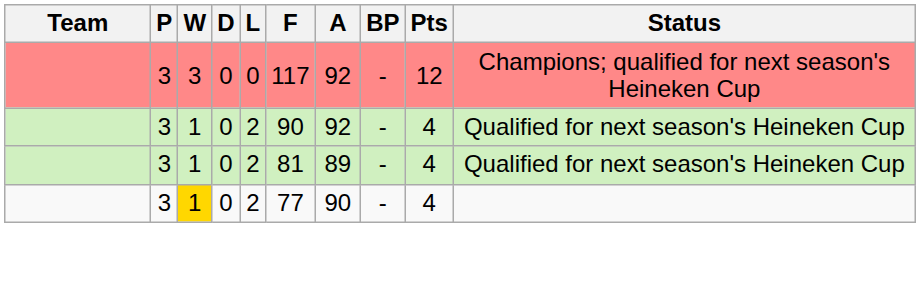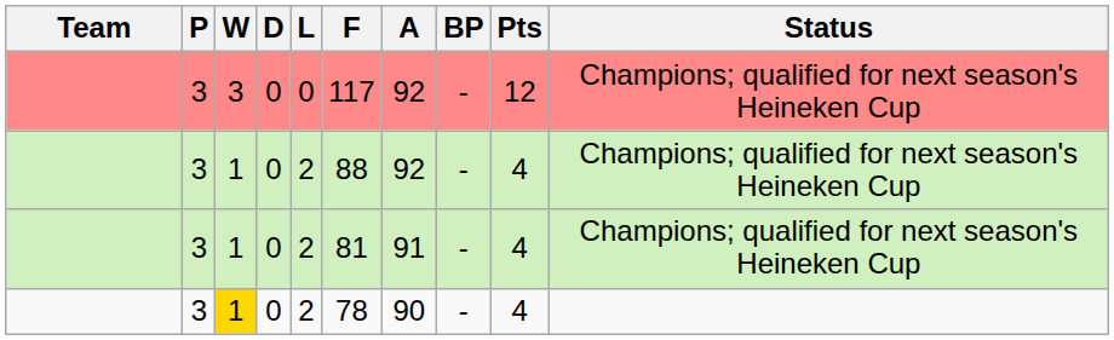 <table class="wikitable" style="text-align:center;">
 <tr>
 <th width="90px">Team</th>
 <th>P</th>
 <th>W</th>
 <th>D</th>
 <th>L</th>
 <th width="23px">F</th>
 <th width="23px">A</th>
 <th>BP</th>
 <th width="23px">Pts</th>
 <th>Status</th>
 </tr>
 <tr bgcolor="#FF8888">
 <td></td>
 <td>3</td>
 <td>3</td>
 <td>0</td>
 <td>0</td>
 <td>117</td>
 <td>92</td>
 <td>-</td>
 <td>12</td>
 <td>Champions; qualified for next season's Heineken Cup</td>
 </tr>
 <tr bgcolor="#D0F0C0">
 <td></td>
 <td>3</td>
 <td>1</td>
 <td>0</td>
 <td>2</td>
-<td>90</td>
+<td>88</td>
 <td>92</td>
 <td>-</td>
 <td>4</td>
-<td>Qualified for next season's Heineken Cup</td>
+<td>Champions; qualified for next season's Heineken Cup</td>
 </tr>
 <tr bgcolor="#D0F0C0">
 <td></td>
 <td>3</td>
 <td>1</td>
 <td>0</td>
 <td>2</td>
 <td>81</td>
-<td>89</td>
+<td>91</td>
 <td>-</td>
 <td>4</td>
-<td>Qualified for next season's Heineken Cup</td>
+<td>Champions; qualified for next season's Heineken Cup</td>
 </tr>
 <tr>
 <td></td>
 <td>3</td>
 <td style="background: gold;">1</td>
 <td>0</td>
 <td>2</td>
-<td>77</td>
+<td>78</td>
 <td>90</td>
 <td>-</td>
 <td>4</td>
 <td></td>
 </tr>
 </table>
